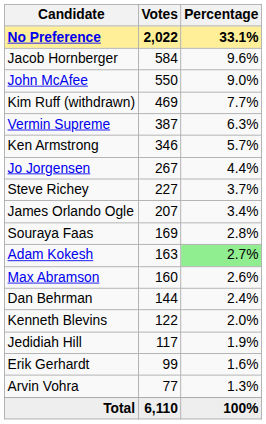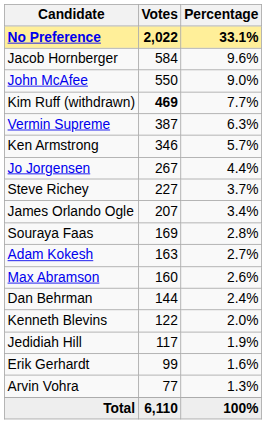 <table class="wikitable" style="text-align:right;">
 <tr>
 <th>Candidate</th>
 <th>Votes</th>
 <th>Percentage</th>
 </tr>
 <tr style="background:#ffef99;">
 <td style="text-align:left;"><strong><a href='#'>No Preference</a></strong></td>
 <td><strong>2,022</strong></td>
 <td><strong>33.1%</strong></td>
 </tr>
 <tr>
 <td style="text-align:left;">Jacob Hornberger</td>
 <td>584</td>
 <td>9.6%</td>
 </tr>
 <tr>
 <td style="text-align:left;"><a href='#'>John McAfee</a></td>
 <td>550</td>
 <td>9.0%</td>
 </tr>
 <tr>
 <td style="text-align:left;">Kim Ruff (withdrawn)</td>
-<td>469</td>
+<td><strong>469</strong></td>
 <td>7.7%</td>
 </tr>
 <tr>
 <td style="text-align:left;"><a href='#'>Vermin Supreme</a></td>
 <td>387</td>
 <td>6.3%</td>
 </tr>
 <tr>
 <td style="text-align:left;">Ken Armstrong</td>
 <td>346</td>
 <td>5.7%</td>
 </tr>
 <tr>
 <td style="text-align:left;"><a href='#'>Jo Jorgensen</a></td>
 <td>267</td>
 <td>4.4%</td>
 </tr>
 <tr>
 <td style="text-align:left;">Steve Richey</td>
 <td>227</td>
 <td>3.7%</td>
 </tr>
 <tr>
 <td style="text-align:left;">James Orlando Ogle</td>
 <td>207</td>
 <td>3.4%</td>
 </tr>
 <tr>
 <td style="text-align:left;">Souraya Faas</td>
 <td>169</td>
 <td>2.8%</td>
 </tr>
 <tr>
 <td style="text-align:left;"><a href='#'>Adam Kokesh</a></td>
 <td>163</td>
-<td style="background: lightgreen;">2.7%</td>
+<td>2.7%</td>
 </tr>
 <tr>
 <td style="text-align:left;"><a href='#'>Max Abramson</a></td>
 <td>160</td>
 <td>2.6%</td>
 </tr>
 <tr>
 <td style="text-align:left;">Dan Behrman</td>
 <td>144</td>
 <td>2.4%</td>
 </tr>
 <tr>
 <td style="text-align:left;">Kenneth Blevins</td>
 <td>122</td>
 <td>2.0%</td>
 </tr>
 <tr>
 <td style="text-align:left;">Jedidiah Hill</td>
 <td>117</td>
 <td>1.9%</td>
 </tr>
 <tr>
 <td style="text-align:left;">Erik Gerhardt</td>
 <td>99</td>
 <td>1.6%</td>
 </tr>
 <tr>
 <td style="text-align:left;">Arvin Vohra</td>
 <td>77</td>
 <td>1.3%</td>
 </tr>
 <tr>
 </tr>
 <tr style="background:#eee;">
 <td style="margin-right:0.50px"><strong>Total</strong></td>
 <td style="margin-right:0.50px"><strong>6,110</strong></td>
 <td style="margin-right:0.50px"><strong>100%</strong></td>
 </tr>
 </table>
